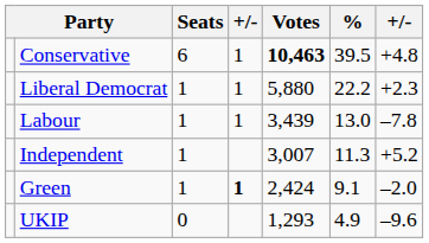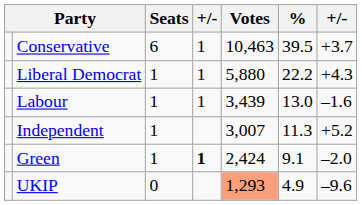 <table class="wikitable sortable">
 <tr>
 <th colspan="2">Party</th>
 <th>Seats</th>
 <th>+/-</th>
 <th>Votes</th>
 <th>%</th>
 <th>+/-</th>
 </tr>
 <tr>
 <td style="background-color: "></td>
 <td><a href='#'>Conservative</a></td>
 <td>6</td>
 <td>1</td>
-<td><strong>10,463</strong></td>
+<td>10,463</td>
 <td>39.5</td>
-<td><span>+4.8</span></td>
+<td><span>+3.7</span></td>
 </tr>
 <tr>
 <td style="background-color: "></td>
 <td><a href='#'>Liberal Democrat</a></td>
 <td>1</td>
 <td>1</td>
 <td>5,880</td>
 <td>22.2</td>
-<td><span>+2.3</span></td>
+<td><span>+4.3</span></td>
 </tr>
 <tr>
 <td style="background-color: "></td>
 <td><a href='#'>Labour</a></td>
 <td>1</td>
 <td>1</td>
 <td>3,439</td>
 <td>13.0</td>
-<td><span>–7.8</span></td>
+<td><span>–1.6</span></td>
 </tr>
 <tr>
 <td style="background-color: "></td>
 <td><a href='#'>Independent</a></td>
 <td>1</td>
 <td></td>
 <td>3,007</td>
 <td>11.3</td>
 <td><span>+5.2</span></td>
 </tr>
 <tr>
 <td style="background-color: "></td>
 <td><a href='#'>Green</a></td>
 <td>1</td>
 <td><strong>1</strong></td>
 <td>2,424</td>
 <td>9.1</td>
 <td><span>–2.0</span></td>
 </tr>
 <tr>
 <td style="background-color: "></td>
 <td><a href='#'>UKIP</a></td>
 <td>0</td>
 <td></td>
-<td>1,293</td>
+<td style="background: lightsalmon;">1,293</td>
 <td>4.9</td>
 <td><span>–9.6</span></td>
 </tr>
 </table>
